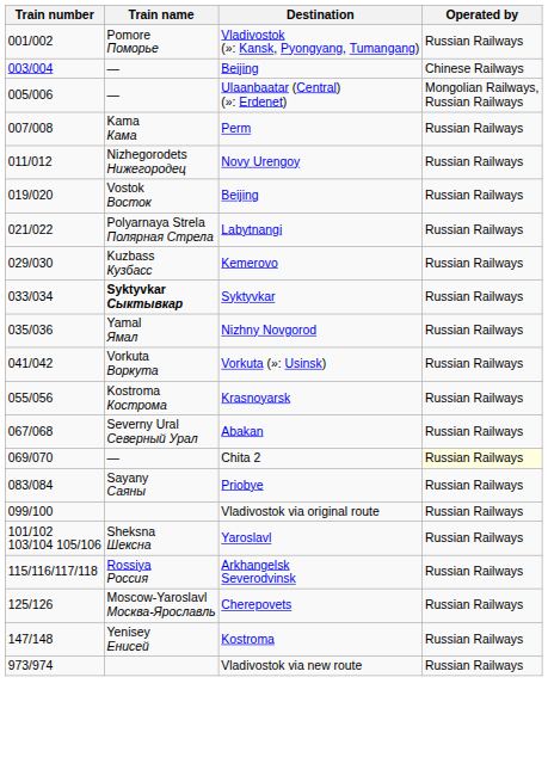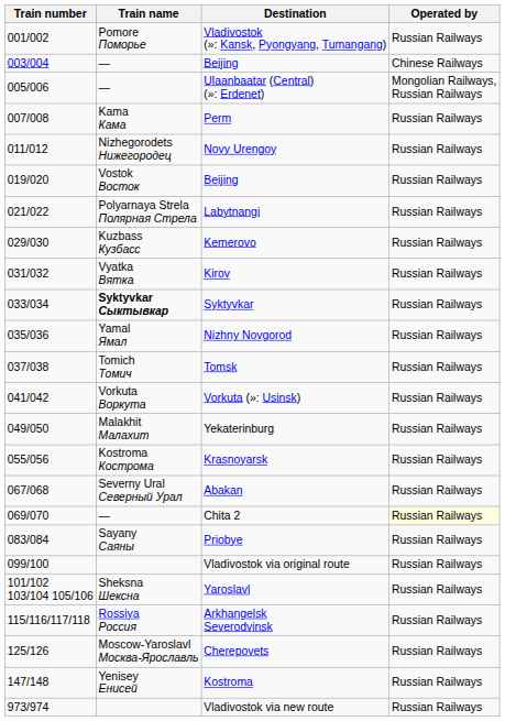 <table class="wikitable">
 <tr>
 <th>Train number</th>
 <th>Train name</th>
 <th>Destination</th>
 <th>Operated by</th>
 </tr>
 <tr>
 <td>001/002</td>
 <td>Pomore <br><em>Поморье</em></td>
 <td> <a href='#'>Vladivostok</a><br>(»:  <a href='#'>Kansk</a>,  <a href='#'>Pyongyang</a>,  <a href='#'>Tumangang</a>)</td>
 <td> Russian Railways</td>
 </tr>
 <tr>
 <td><a href='#'>003/004</a></td>
 <td>—</td>
 <td> <a href='#'>Beijing</a></td>
 <td> Chinese Railways</td>
 </tr>
 <tr>
 <td>005/006</td>
 <td>—</td>
 <td> <a href='#'>Ulaanbaatar</a> (<a href='#'>Central</a>)<br>(»:  <a href='#'>Erdenet</a>)</td>
 <td> Mongolian Railways,<br> Russian Railways</td>
 </tr>
 <tr>
 <td>007/008</td>
 <td>Kama <br><em>Кама</em></td>
 <td> <a href='#'>Perm</a></td>
 <td> Russian Railways</td>
 </tr>
 <tr>
 <td>011/012</td>
 <td>Nizhegorodets <br><em>Нижегородец</em></td>
 <td> <a href='#'>Novy Urengoy</a></td>
 <td> Russian Railways</td>
 </tr>
 <tr>
 <td>019/020</td>
 <td>Vostok <br><em>Восток</em></td>
 <td> <a href='#'>Beijing</a></td>
 <td> Russian Railways</td>
 </tr>
 <tr>
 <td>021/022</td>
 <td>Polyarnaya Strela <br><em>Полярная Стрела</em></td>
 <td> <a href='#'>Labytnangi</a></td>
 <td> Russian Railways</td>
 </tr>
 <tr>
 <td>029/030</td>
 <td>Kuzbass <br><em>Кузбасс</em></td>
 <td> <a href='#'>Kemerovo</a></td>
 <td> Russian Railways</td>
 </tr>
 <tr>
+<td>031/032</td>
+<td>Vyatka <br><em>Вятка</em></td>
+<td> <a href='#'>Kirov</a></td>
+<td> Russian Railways</td>
+</tr>
+<tr>
 <td>033/034</td>
 <td><strong>Syktyvkar <br><em>Сыктывкар</em></strong></td>
 <td> <a href='#'>Syktyvkar</a></td>
 <td> Russian Railways</td>
 </tr>
 <tr>
 <td>035/036</td>
 <td>Yamal <br><em>Ямал</em></td>
 <td> <a href='#'>Nizhny Novgorod</a></td>
 <td> Russian Railways</td>
 </tr>
 <tr>
+<td>037/038</td>
+<td>Tomich <br><em>Томич</em></td>
+<td> <a href='#'>Tomsk</a></td>
+<td> Russian Railways</td>
+</tr>
+<tr>
 <td>041/042</td>
 <td>Vorkuta <br><em>Воркута</em></td>
 <td> <a href='#'>Vorkuta</a> (»:  <a href='#'>Usinsk</a>)</td>
+<td> Russian Railways</td>
+</tr>
+<tr>
+<td>049/050</td>
+<td>Malakhit <br><em>Малахит</em></td>
+<td> Yekaterinburg</td>
 <td> Russian Railways</td>
 </tr>
 <tr>
 <td>055/056</td>
 <td>Kostroma <br><em>Кострома</em></td>
 <td> <a href='#'>Krasnoyarsk</a></td>
 <td> Russian Railways</td>
 </tr>
 <tr>
 <td>067/068</td>
 <td>Severny Ural <br><em>Северный Урал</em></td>
 <td> <a href='#'>Abakan</a></td>
 <td> Russian Railways</td>
 </tr>
 <tr>
 <td>069/070</td>
 <td>—</td>
 <td> Chita 2</td>
 <td style="background: lightyellow;"> Russian Railways</td>
 </tr>
 <tr>
 <td>083/084</td>
 <td>Sayany <br><em>Саяны</em></td>
 <td> <a href='#'>Priobye</a></td>
 <td> Russian Railways</td>
 </tr>
 <tr>
 <td>099/100</td>
 <td></td>
 <td> Vladivostok via original route</td>
 <td> Russian Railways</td>
 </tr>
 <tr>
 <td>101/102<br>103/104 105/106</td>
 <td>Sheksna <br><em>Шексна</em></td>
 <td> <a href='#'>Yaroslavl</a></td>
 <td> Russian Railways</td>
 </tr>
 <tr>
 <td>115/116/117/118</td>
 <td><a href='#'>Rossiya</a> <br><em>Россия</em></td>
 <td> <a href='#'>Arkhangelsk</a> <br> <a href='#'>Severodvinsk</a></td>
 <td> Russian Railways</td>
 </tr>
 <tr>
 <td>125/126</td>
 <td>Moscow-Yaroslavl<br><em>Москва-Ярославль</em></td>
 <td> <a href='#'>Cherepovets</a></td>
 <td> Russian Railways</td>
 </tr>
 <tr>
 <td>147/148</td>
 <td>Yenisey <br><em>Енисей</em></td>
 <td> <a href='#'>Kostroma</a></td>
 <td> Russian Railways</td>
 </tr>
 <tr>
 <td>973/974</td>
 <td></td>
 <td> Vladivostok via new route</td>
 <td> Russian Railways</td>
 </tr>
 </table>
